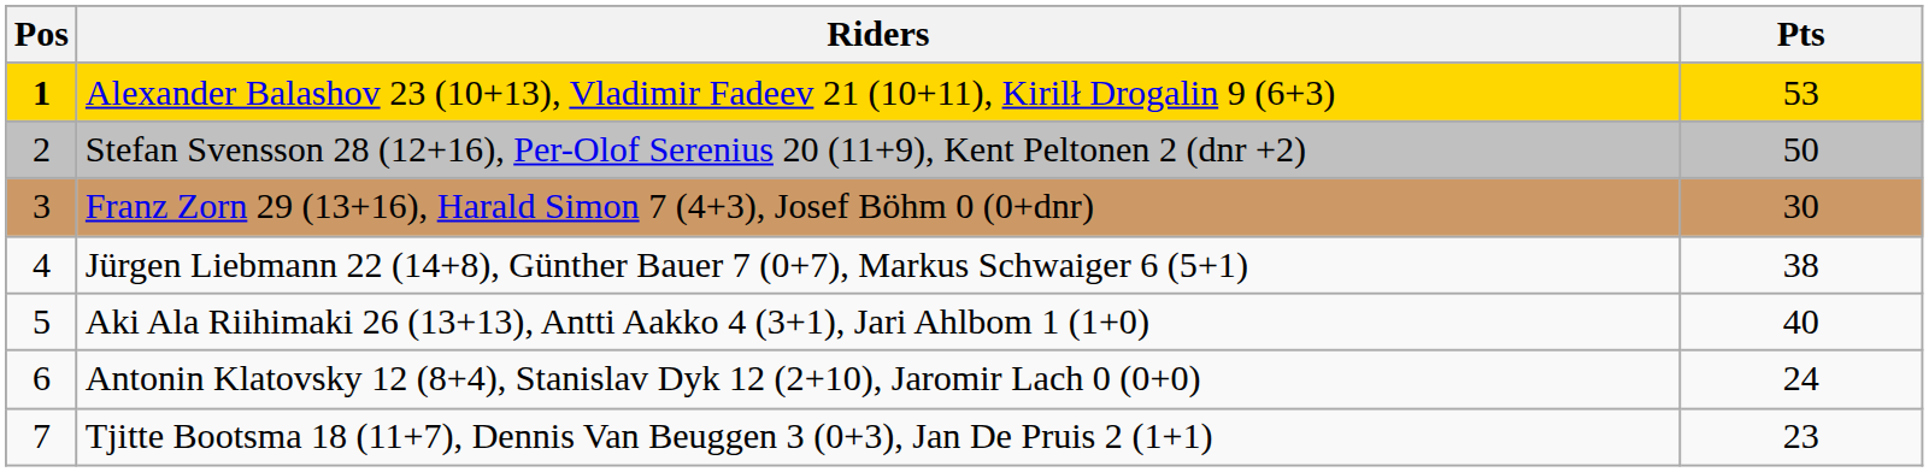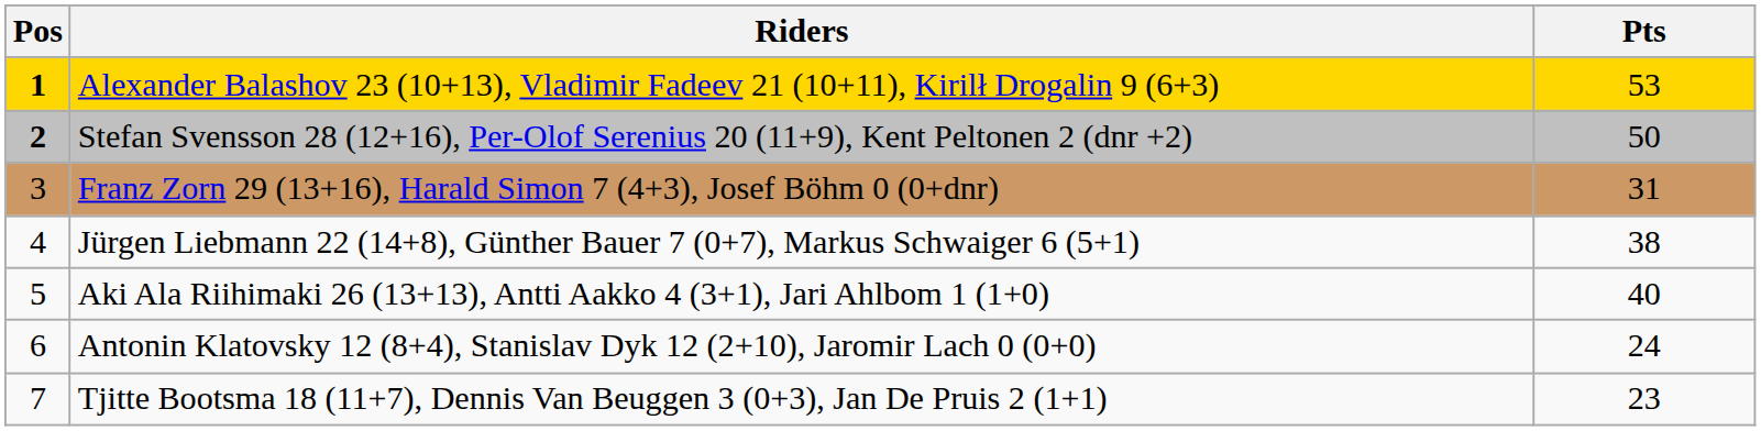 <table class="wikitable" style="font-size: 100%">
 <tr>
 <th width=20>Pos</th>
 <th width=700>Riders</th>
 <th width=100>Pts</th>
 </tr>
 <tr align=center style="background-color: gold;">
 <td><strong>1</strong></td>
 <td align="left"> <a href='#'>Alexander Balashov</a> 23 (10+13), <a href='#'>Vladimir Fadeev</a> 21 (10+11), <a href='#'>Kirilł Drogalin</a> 9 (6+3)</td>
 <td>53</td>
 </tr>
 <tr align=center style="background-color: silver;">
-<td>2</td>
+<td><strong>2</strong></td>
 <td align="left"> Stefan Svensson 28 (12+16), <a href='#'>Per-Olof Serenius</a> 20 (11+9), Kent Peltonen 2 (dnr +2)</td>
 <td>50</td>
 </tr>
 <tr align=center style="background-color: #cc9966;">
 <td>3</td>
 <td align="left"> <a href='#'>Franz Zorn</a> 29 (13+16), <a href='#'>Harald Simon</a> 7 (4+3), Josef Böhm 0 (0+dnr)</td>
-<td>30</td>
+<td>31</td>
 </tr>
 <tr align=center>
 <td>4</td>
 <td align="left"> Jürgen Liebmann 22 (14+8),  Günther Bauer 7 (0+7), Markus Schwaiger 6 (5+1)</td>
 <td>38</td>
 </tr>
 <tr align=center>
 <td>5</td>
 <td align="left"> Aki Ala Riihimaki 26 (13+13),  Antti Aakko 4 (3+1), Jari Ahlbom 1 (1+0)</td>
 <td>40</td>
 </tr>
 <tr align=center>
 <td>6</td>
 <td align="left"> Antonin Klatovsky 12 (8+4), Stanislav Dyk 12 (2+10), Jaromir Lach 0 (0+0)</td>
 <td>24</td>
 </tr>
 <tr align=center>
 <td>7</td>
 <td align="left"> Tjitte Bootsma 18 (11+7), Dennis Van Beuggen 3 (0+3), Jan De Pruis 2 (1+1)</td>
 <td>23</td>
 </tr>
 </table>
